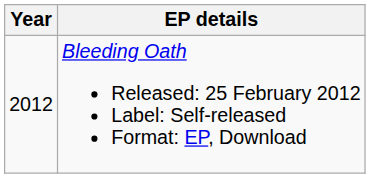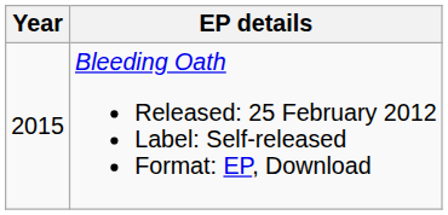 <table class =wikitable>
 <tr>
 <th>Year</th>
 <th>EP details</th>
 </tr>
 <tr>
-<td>2012</td>
+<td>2015</td>
 <td align=left><em><a href='#'>Bleeding Oath</a></em><br><ul><li>Released: 25 February 2012</li><li>Label: Self-released</li><li>Format: <a href='#'>EP</a>, Download</li></ul></td>
 </tr>
 </table>
